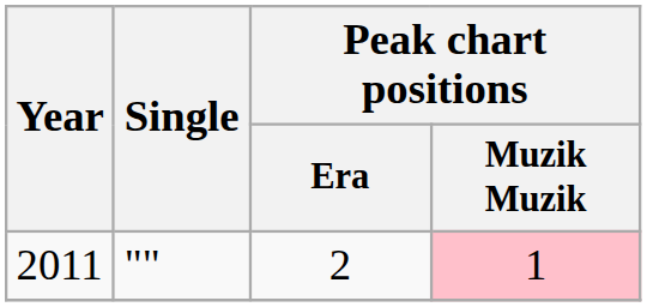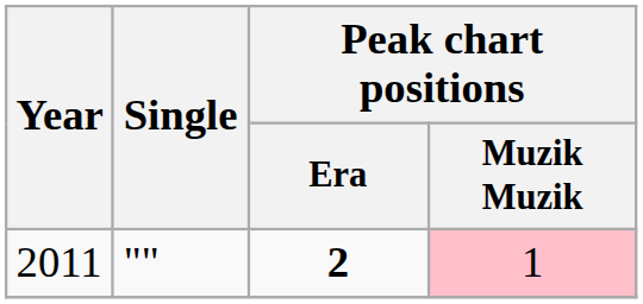 <table class="wikitable" style="text-align:center;">
 <tr>
 <th rowspan="2">Year</th>
 <th rowspan="2">Single</th>
 <th colspan="2">Peak chart positions</th>
 </tr>
 <tr style="font-size:smaller;">
 <th width="60">Era</th>
 <th width="70">Muzik Muzik</th>
 </tr>
 <tr>
 <td align="left">2011</td>
 <td align="left">""</td>
-<td>2</td>
+<td><strong>2</strong></td>
 <td style="background: pink;">1</td>
 </tr>
 <tr>
 </tr>
 </table>
